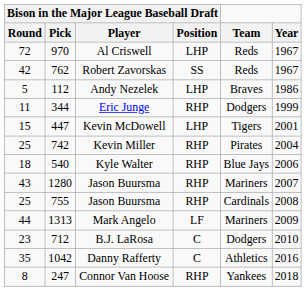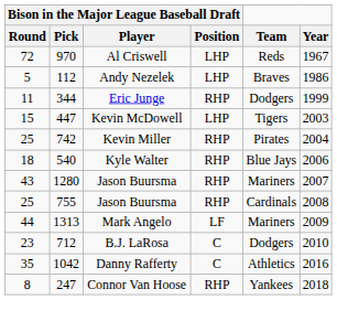 <table class="wikitable sortable collapsible collapsed" style="text-align:center">
 <tr>
 <th colspan=4>Bison in the Major League Baseball Draft</th>
 </tr>
 <tr>
 <th>Round</th>
 <th>Pick</th>
 <th>Player</th>
 <th>Position</th>
 <th>Team</th>
 <th>Year</th>
 </tr>
 <tr>
 <td>72</td>
 <td>970</td>
 <td>Al Criswell</td>
 <td>LHP</td>
-<td>Reds</td>
-<td>1967</td>
-</tr>
-<tr>
-<td>42</td>
-<td>762</td>
-<td>Robert Zavorskas</td>
-<td>SS</td>
 <td>Reds</td>
 <td>1967</td>
 </tr>
 <tr>
 <td>5</td>
 <td>112</td>
 <td>Andy Nezelek</td>
 <td>LHP</td>
 <td>Braves</td>
 <td>1986</td>
 </tr>
 <tr>
 <td>11</td>
 <td>344</td>
 <td><a href='#'>Eric Junge</a></td>
 <td>RHP</td>
 <td>Dodgers</td>
 <td>1999</td>
 </tr>
 <tr>
 <td>15</td>
 <td>447</td>
 <td>Kevin McDowell</td>
 <td>LHP</td>
 <td>Tigers</td>
-<td>2001</td>
+<td>2003</td>
 </tr>
 <tr>
 <td>25</td>
 <td>742</td>
 <td>Kevin Miller</td>
 <td>RHP</td>
 <td>Pirates</td>
 <td>2004</td>
 </tr>
 <tr>
 <td>18</td>
 <td>540</td>
 <td>Kyle Walter</td>
 <td>RHP</td>
 <td>Blue Jays</td>
 <td>2006</td>
 </tr>
 <tr>
 <td>43</td>
 <td>1280</td>
 <td>Jason Buursma</td>
 <td>RHP</td>
 <td>Mariners</td>
 <td>2007</td>
 </tr>
 <tr>
 <td>25</td>
 <td>755</td>
 <td>Jason Buursma</td>
 <td>RHP</td>
 <td>Cardinals</td>
 <td>2008</td>
 </tr>
 <tr>
 <td>44</td>
 <td>1313</td>
 <td>Mark Angelo</td>
 <td>LF</td>
 <td>Mariners</td>
 <td>2009</td>
 </tr>
 <tr>
 <td>23</td>
 <td>712</td>
 <td>B.J. LaRosa</td>
 <td>C</td>
 <td>Dodgers</td>
 <td>2010</td>
 </tr>
 <tr>
 <td>35</td>
 <td>1042</td>
 <td>Danny Rafferty</td>
 <td>C</td>
 <td>Athletics</td>
 <td>2016</td>
 </tr>
 <tr>
 <td>8</td>
 <td>247</td>
 <td>Connor Van Hoose</td>
 <td>RHP</td>
 <td>Yankees</td>
 <td>2018</td>
 </tr>
 </table>
